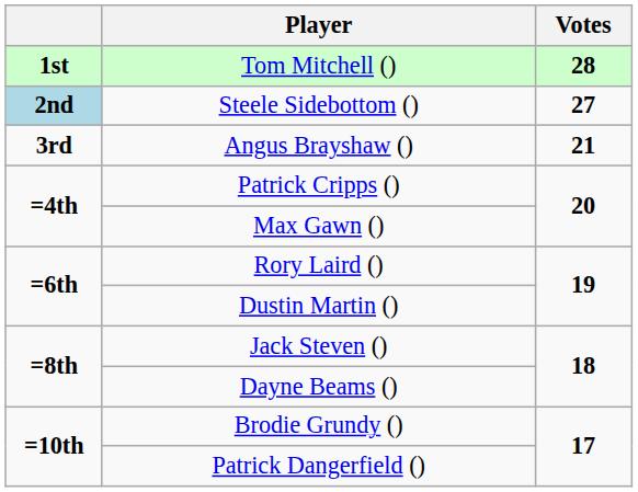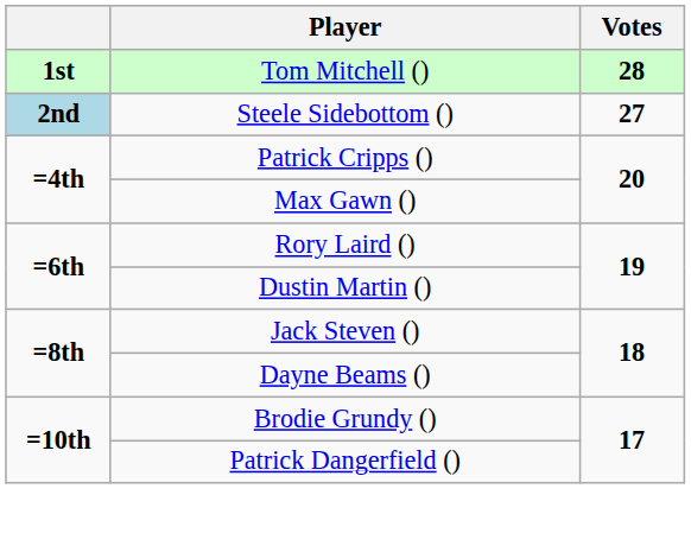 <table class="wikitable" style="margin:1em auto; text-align: center; font-size: 90%;">
 <tr>
 <th style="width:50px;"></th>
 <th style="width:250px;">Player</th>
 <th style="width:50px;">Votes</th>
 </tr>
 <tr style="background:#cfc;">
 <td><strong>1st</strong></td>
 <td><a href='#'>Tom Mitchell</a> ()</td>
 <td><strong>28</strong></td>
 </tr>
 <tr>
 <td style="background: lightblue;"><strong>2nd</strong></td>
 <td><a href='#'>Steele Sidebottom</a> ()</td>
 <td><strong>27</strong></td>
-</tr>
-<tr>
-<td><strong>3rd</strong></td>
-<td><a href='#'>Angus Brayshaw</a> ()</td>
-<td><strong>21</strong></td>
 </tr>
 <tr>
 <td rowspan=2><strong>=4th</strong></td>
 <td><a href='#'>Patrick Cripps</a> ()</td>
 <td rowspan=2><strong>20</strong></td>
 </tr>
 <tr>
 <td><a href='#'>Max Gawn</a> ()</td>
 </tr>
 <tr>
 <td rowspan=2><strong>=6th</strong></td>
 <td><a href='#'>Rory Laird</a> ()</td>
 <td rowspan=2><strong>19</strong></td>
 </tr>
 <tr>
 <td><a href='#'>Dustin Martin</a> ()</td>
 </tr>
 <tr>
 <td rowspan=2><strong>=8th</strong></td>
 <td><a href='#'>Jack Steven</a> ()</td>
 <td rowspan=2><strong>18</strong></td>
 </tr>
 <tr>
 <td><a href='#'>Dayne Beams</a> ()</td>
 </tr>
 <tr>
 <td rowspan=2><strong>=10th</strong></td>
 <td><a href='#'>Brodie Grundy</a> ()</td>
 <td rowspan=2><strong>17</strong></td>
 </tr>
 <tr>
 <td><a href='#'>Patrick Dangerfield</a> ()</td>
 </tr>
 </table>
